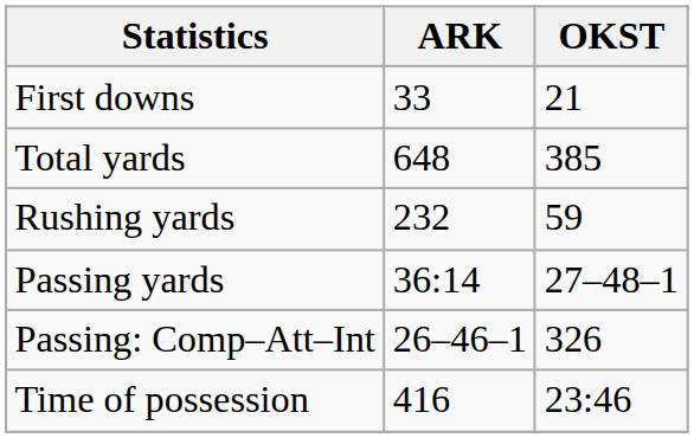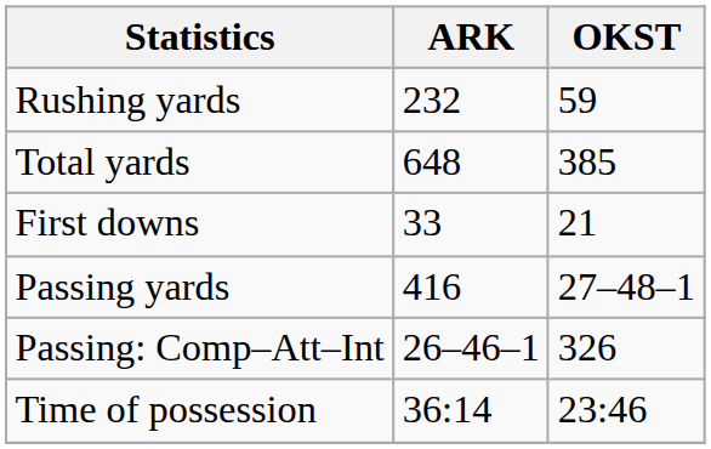 <table class="wikitable" style="float: left;">
 <tr>
 <th>Statistics</th>
 <th>ARK</th>
 <th>OKST</th>
 </tr>
 <tr>
-<td>First downs</td>
-<td>33</td>
-<td>21</td>
+<td>Rushing yards</td>
+<td>232</td>
+<td>59</td>
 </tr>
 <tr>
 <td>Total yards</td>
 <td>648</td>
 <td>385</td>
 </tr>
 <tr>
-<td>Rushing yards</td>
-<td>232</td>
-<td>59</td>
+<td>First downs</td>
+<td>33</td>
+<td>21</td>
 </tr>
 <tr>
 <td>Passing yards</td>
-<td>36:14</td>
+<td>416</td>
 <td>27–48–1</td>
 </tr>
 <tr>
 <td>Passing: Comp–Att–Int</td>
 <td>26–46–1</td>
 <td>326</td>
 </tr>
 <tr>
 <td>Time of possession</td>
-<td>416</td>
+<td>36:14</td>
 <td>23:46</td>
 </tr>
 <tr>
 </tr>
 </table>
